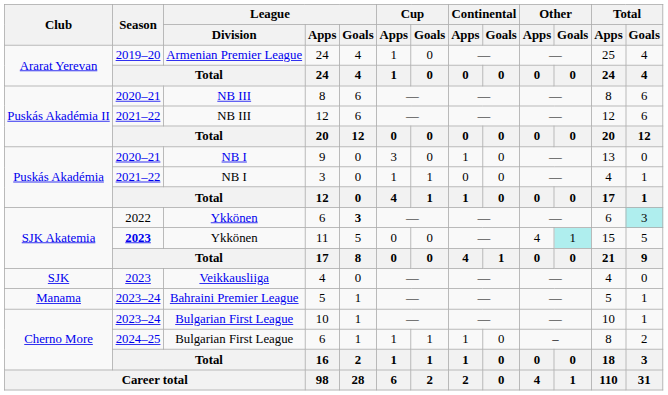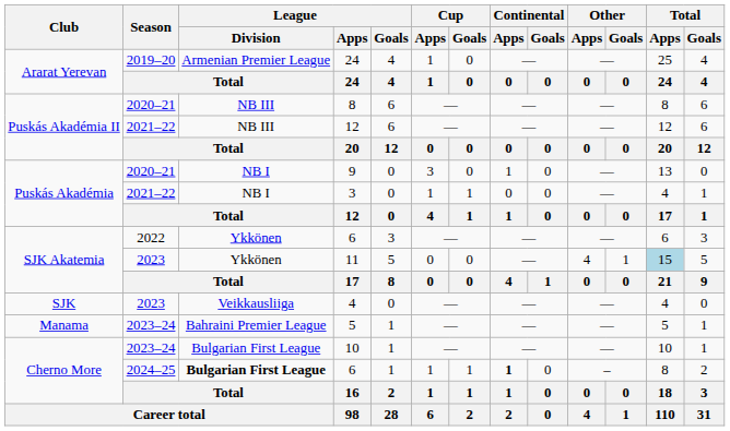 <table class="wikitable" style="text-align:center">
 <tr>
 <th rowspan="2">Club</th>
 <th rowspan="2">Season</th>
 <th colspan="3">League</th>
 <th colspan="2">Cup</th>
 <th colspan="2">Continental</th>
 <th colspan="2">Other</th>
 <th colspan="2">Total</th>
 </tr>
 <tr>
 <th>Division</th>
 <th>Apps</th>
 <th>Goals</th>
 <th>Apps</th>
 <th>Goals</th>
 <th>Apps</th>
 <th>Goals</th>
 <th>Apps</th>
 <th>Goals</th>
 <th>Apps</th>
 <th>Goals</th>
 </tr>
 <tr>
 <td rowspan="2"><a href='#'>Ararat Yerevan</a></td>
 <td><a href='#'>2019–20</a></td>
 <td rowspan="1"><a href='#'>Armenian Premier League</a></td>
 <td>24</td>
 <td>4</td>
 <td>1</td>
 <td>0</td>
 <td colspan="2">—</td>
 <td colspan="2">—</td>
 <td>25</td>
 <td>4</td>
 </tr>
 <tr>
 <th colspan="2">Total</th>
 <th>24</th>
 <th>4</th>
 <th>1</th>
 <th>0</th>
 <th>0</th>
 <th>0</th>
 <th>0</th>
 <th>0</th>
 <th>24</th>
 <th>4</th>
 </tr>
 <tr>
 <td rowspan="3"><a href='#'>Puskás Akadémia II</a></td>
 <td><a href='#'>2020–21</a></td>
 <td><a href='#'>NB III</a></td>
 <td>8</td>
 <td>6</td>
 <td colspan="2">—</td>
 <td colspan="2">—</td>
 <td colspan="2">—</td>
 <td>8</td>
 <td>6</td>
 </tr>
 <tr>
 <td><a href='#'>2021–22</a></td>
 <td>NB III</td>
 <td>12</td>
 <td>6</td>
 <td colspan="2">—</td>
 <td colspan="2">—</td>
 <td colspan="2">—</td>
 <td>12</td>
 <td>6</td>
 </tr>
 <tr>
 <th colspan="2">Total</th>
 <th>20</th>
 <th>12</th>
 <th>0</th>
 <th>0</th>
 <th>0</th>
 <th>0</th>
 <th>0</th>
 <th>0</th>
 <th>20</th>
 <th>12</th>
 </tr>
 <tr>
 <td rowspan="3"><a href='#'>Puskás Akadémia</a></td>
 <td><a href='#'>2020–21</a></td>
 <td><a href='#'>NB I</a></td>
 <td>9</td>
 <td>0</td>
 <td>3</td>
 <td>0</td>
 <td>1</td>
 <td>0</td>
 <td colspan="2">—</td>
 <td>13</td>
 <td>0</td>
 </tr>
 <tr>
 <td><a href='#'>2021–22</a></td>
 <td>NB I</td>
 <td>3</td>
 <td>0</td>
 <td>1</td>
 <td>1</td>
 <td>0</td>
 <td>0</td>
 <td colspan="2">—</td>
 <td>4</td>
 <td>1</td>
 </tr>
 <tr>
 <th colspan="2">Total</th>
 <th>12</th>
 <th>0</th>
 <th>4</th>
 <th>1</th>
 <th>1</th>
 <th>0</th>
 <th>0</th>
 <th>0</th>
 <th>17</th>
 <th>1</th>
 </tr>
 <tr>
 <td rowspan=3><a href='#'>SJK Akatemia</a></td>
 <td>2022</td>
 <td><a href='#'>Ykkönen</a></td>
 <td>6</td>
-<td><strong>3</strong></td>
+<td>3</td>
 <td colspan="2">—</td>
 <td colspan="2">—</td>
 <td colspan="2">—</td>
 <td>6</td>
-<td style="background: paleturquoise;">3</td>
+<td>3</td>
 </tr>
 <tr>
-<td><strong><a href='#'>2023</a></strong></td>
+<td><a href='#'>2023</a></td>
 <td>Ykkönen</td>
 <td>11</td>
 <td>5</td>
 <td>0</td>
 <td>0</td>
 <td colspan="2">—</td>
 <td>4</td>
-<td style="background: paleturquoise;">1</td>
-<td>15</td>
+<td>1</td>
+<td style="background: lightblue;">15</td>
 <td>5</td>
 </tr>
 <tr>
 <th colspan=2>Total</th>
 <th>17</th>
 <th>8</th>
 <th>0</th>
 <th>0</th>
 <th>4</th>
 <th>1</th>
 <th>0</th>
 <th>0</th>
 <th>21</th>
 <th>9</th>
 </tr>
 <tr>
 <td><a href='#'>SJK</a></td>
 <td><a href='#'>2023</a></td>
 <td><a href='#'>Veikkausliiga</a></td>
 <td>4</td>
 <td>0</td>
 <td colspan="2">—</td>
 <td colspan="2">—</td>
 <td colspan="2">—</td>
 <td>4</td>
 <td>0</td>
 </tr>
 <tr>
 <td><a href='#'>Manama</a></td>
 <td><a href='#'>2023–24</a></td>
 <td><a href='#'>Bahraini Premier League</a></td>
 <td>5</td>
 <td>1</td>
 <td colspan="2">—</td>
 <td colspan="2">—</td>
 <td colspan="2">—</td>
 <td>5</td>
 <td>1</td>
 </tr>
 <tr>
 <td rowspan=3><a href='#'>Cherno More</a></td>
 <td><a href='#'>2023–24</a></td>
 <td><a href='#'>Bulgarian First League</a></td>
 <td>10</td>
 <td>1</td>
 <td colspan="2">—</td>
 <td colspan="2">—</td>
 <td colspan="2">—</td>
 <td>10</td>
 <td>1</td>
 </tr>
 <tr>
 <td><a href='#'>2024–25</a></td>
-<td>Bulgarian First League</td>
+<td><strong>Bulgarian First League</strong></td>
 <td>6</td>
 <td>1</td>
 <td>1</td>
 <td>1</td>
-<td>1</td>
+<td><strong>1</strong></td>
 <td>0</td>
 <td colspan=2>–</td>
 <td>8</td>
 <td>2</td>
 </tr>
 <tr>
 <th colspan=2>Total</th>
 <th>16</th>
 <th>2</th>
 <th>1</th>
 <th>1</th>
 <th>1</th>
 <th>0</th>
 <th>0</th>
 <th>0</th>
 <th>18</th>
 <th>3</th>
 </tr>
 <tr>
 <th colspan="3">Career total</th>
 <th>98</th>
 <th>28</th>
 <th>6</th>
 <th>2</th>
 <th>2</th>
 <th>0</th>
 <th>4</th>
 <th>1</th>
 <th>110</th>
 <th>31</th>
 </tr>
 </table>
